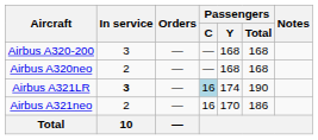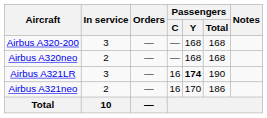 <table class="wikitable" style="border-collapse:collapse;text-align:center;margin:1em auto;">
 <tr>
 <th rowspan="2">Aircraft</th>
 <th rowspan="2">In service</th>
 <th rowspan="2">Orders</th>
 <th colspan="3">Passengers</th>
 <th rowspan="2">Notes</th>
 </tr>
 <tr>
 <th><abbr>C</abbr></th>
 <th><abbr>Y</abbr></th>
 <th>Total</th>
 </tr>
 <tr>
 <td><a href='#'>Airbus A320-200</a></td>
 <td>3</td>
 <td>—</td>
 <td>—</td>
 <td>168</td>
 <td>168</td>
 <td></td>
 </tr>
 <tr>
 <td><a href='#'>Airbus A320neo</a></td>
 <td>2</td>
 <td>—</td>
 <td>—</td>
 <td>168</td>
 <td>168</td>
 <td></td>
 </tr>
 <tr>
 <td><a href='#'>Airbus A321LR</a></td>
-<td><strong>3</strong></td>
+<td>3</td>
 <td>—</td>
-<td style="background: lightblue;">16</td>
-<td>174</td>
+<td>16</td>
+<td><strong>174</strong></td>
 <td>190</td>
 <td></td>
 </tr>
 <tr>
 <td><a href='#'>Airbus A321neo</a></td>
 <td>2</td>
 <td>—</td>
 <td>16</td>
 <td>170</td>
 <td>186</td>
 <td></td>
 </tr>
 <tr>
 <th>Total</th>
 <th>10</th>
 <th>—</th>
 <th colspan="4"></th>
 </tr>
 </table>
